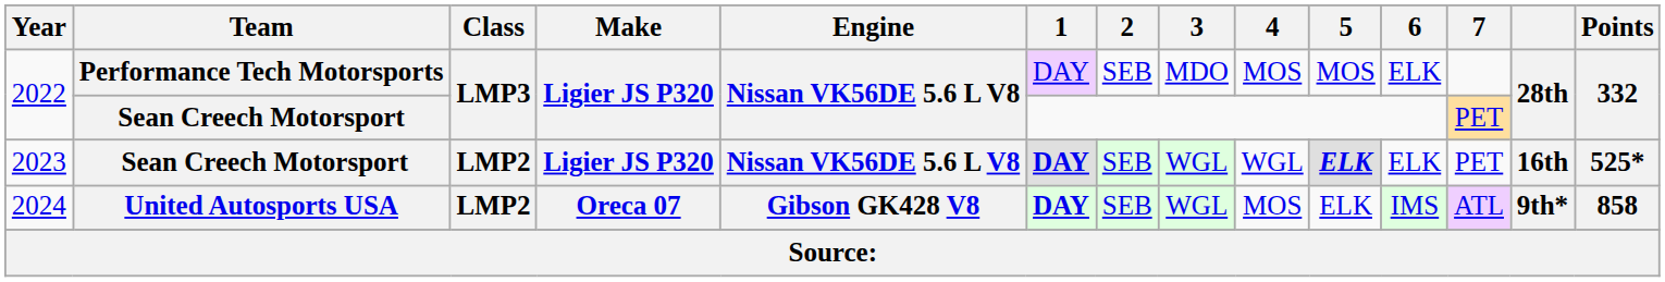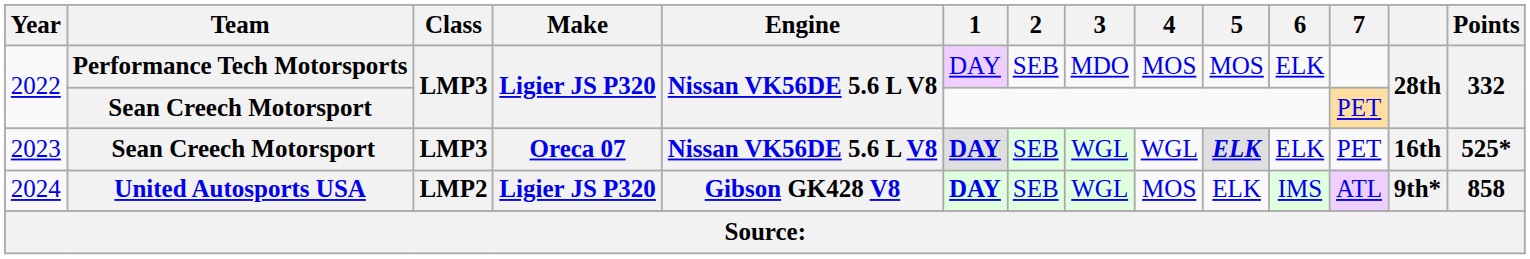 <table class="wikitable" style="text-align:center; font-size:85%">
 <tr>
 <th>Year</th>
 <th>Team</th>
 <th>Class</th>
 <th>Make</th>
 <th>Engine</th>
 <th>1</th>
 <th>2</th>
 <th>3</th>
 <th>4</th>
 <th>5</th>
 <th>6</th>
 <th>7</th>
 <th></th>
 <th>Points</th>
 </tr>
 <tr>
 <td rowspan="2"><a href='#'>2022</a></td>
 <th nowrap>Performance Tech Motorsports</th>
 <th rowspan="2">LMP3</th>
 <th rowspan="2" nowrap><a href='#'>Ligier JS P320</a></th>
 <th rowspan="2" nowrap><a href='#'>Nissan VK56DE</a> 5.6 L V8</th>
 <td style="background:#EFCFFF;"><a href='#'>DAY</a><br></td>
 <td style="background:"><a href='#'>SEB</a><br></td>
 <td style="background:"><a href='#'>MDO</a><br></td>
 <td><a href='#'>MOS</a><br></td>
 <td style="background:"><a href='#'>MOS</a><br></td>
 <td style="background:"><a href='#'>ELK</a><br></td>
 <td></td>
 <th rowspan="2">28th</th>
 <th rowspan="2">332</th>
 </tr>
 <tr>
 <th nowrap>Sean Creech Motorsport</th>
 <td colspan=6></td>
 <td style="background:#FFDF9F;"><a href='#'>PET</a><br></td>
 </tr>
 <tr>
 <td><a href='#'>2023</a></td>
 <th nowrap> Sean Creech Motorsport</th>
-<th>LMP2</th>
-<th nowrap><a href='#'>Ligier JS P320</a></th>
+<th>LMP3</th>
+<th nowrap><a href='#'>Oreca 07</a></th>
 <th nowrap><a href='#'>Nissan VK56DE</a> 5.6 L <a href='#'>V8</a></th>
 <td style="background:#DFDFDF;"><strong><a href='#'>DAY</a></strong><br></td>
 <td style="background:#DFFFDF;"><a href='#'>SEB</a><br></td>
 <td style="background:#DFFFDF;"><a href='#'>WGL</a><br></td>
 <td style="background:"><a href='#'>WGL</a><br></td>
 <td style="background:#DFDFDF;”"><strong><em><a href='#'>ELK</a></em></strong><br></td>
 <td style="background:"><a href='#'>ELK</a><br></td>
 <td><a href='#'>PET</a><br></td>
 <th>16th</th>
 <th>525*</th>
 </tr>
 <tr>
 <td><a href='#'>2024</a></td>
 <th nowrap><a href='#'>United Autosports USA</a></th>
 <th>LMP2</th>
-<th nowrap><a href='#'>Oreca 07</a></th>
+<th nowrap><a href='#'>Ligier JS P320</a></th>
 <th nowrap><a href='#'>Gibson</a> GK428 <a href='#'>V8</a></th>
 <td style="background:#DFFFDF;"><strong><a href='#'>DAY</a></strong><br></td>
 <td style="background:#DFFFDF;"><a href='#'>SEB</a><br></td>
 <td style="background:#DFFFDF;"><a href='#'>WGL</a><br></td>
 <td style="background:#;"><a href='#'>MOS</a></td>
 <td style="background:#;"><a href='#'>ELK</a></td>
 <td style="background:#DFFFDF;"><a href='#'>IMS</a><br></td>
 <td style="background:#EFCFFF;"><a href='#'>ATL</a><br></td>
 <th>9th*</th>
 <th>858</th>
 </tr>
 <tr>
 <th colspan="14">Source:</th>
 </tr>
 </table>
